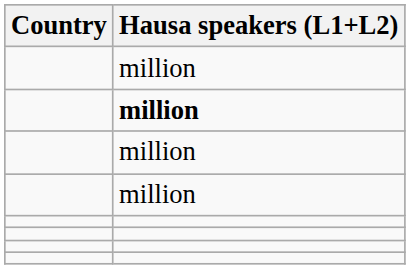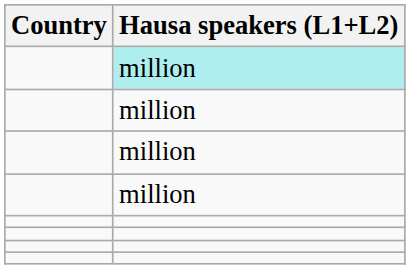 <table class="wikitable">
 <tr>
 <th>Country</th>
 <th>Hausa speakers (L1+L2)</th>
 </tr>
 <tr>
 <td></td>
-<td> million</td>
+<td style="background: paleturquoise;"> million</td>
 </tr>
 <tr>
 <td></td>
-<td><strong> million</strong></td>
+<td> million</td>
 </tr>
 <tr>
 <td></td>
 <td> million</td>
 </tr>
 <tr>
 <td></td>
 <td> million</td>
 </tr>
 <tr>
 <td></td>
 <td></td>
 </tr>
 <tr>
 <td></td>
 <td></td>
 </tr>
 <tr>
 <td></td>
 <td></td>
 </tr>
 <tr>
 <td></td>
 <td></td>
 </tr>
 </table>
